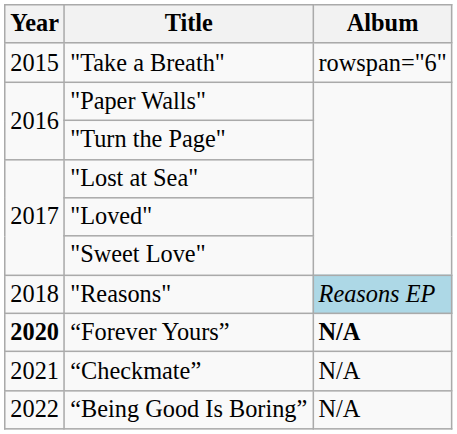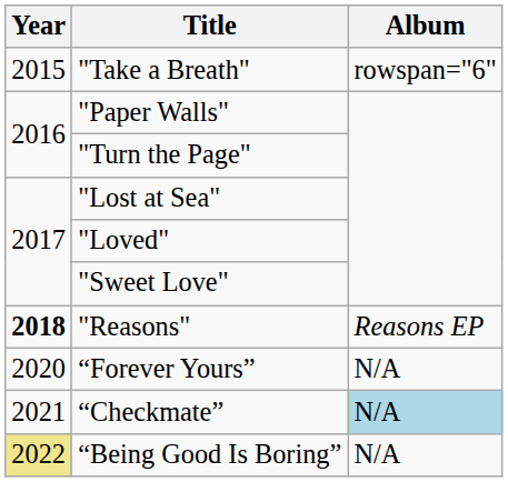 <table class="wikitable plainrowheaders">
 <tr>
 <th>Year</th>
 <th>Title</th>
 <th>Album</th>
 </tr>
 <tr>
 <td>2015</td>
 <td>"Take a Breath"</td>
 <td>rowspan="6" </td>
 </tr>
 <tr>
 <td rowspan="2">2016</td>
 <td>"Paper Walls"</td>
 </tr>
 <tr>
 <td>"Turn the Page"</td>
 </tr>
 <tr>
 <td rowspan="3">2017</td>
 <td>"Lost at Sea"</td>
 </tr>
 <tr>
 <td>"Loved"</td>
 </tr>
 <tr>
 <td>"Sweet Love"</td>
 </tr>
 <tr>
-<td>2018</td>
+<td><strong>2018</strong></td>
 <td>"Reasons"</td>
-<td style="background: lightblue;"><em>Reasons EP</em></td>
+<td><em>Reasons EP</em></td>
 </tr>
 <tr>
-<td><strong>2020</strong></td>
+<td>2020</td>
 <td>“Forever Yours”</td>
-<td><strong>N/A</strong></td>
+<td>N/A</td>
 </tr>
 <tr>
 <td>2021</td>
 <td>“Checkmate”</td>
-<td>N/A</td>
+<td style="background: lightblue;">N/A</td>
 </tr>
 <tr>
-<td>2022</td>
+<td style="background: khaki;">2022</td>
 <td>“Being Good Is Boring”</td>
 <td>N/A</td>
 </tr>
 </table>
